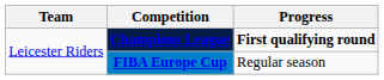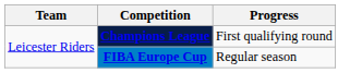 <table class="wikitable sortable">
 <tr>
 <th>Team</th>
 <th>Competition</th>
 <th>Progress</th>
 </tr>
 <tr>
 <td rowspan=2><a href='#'>Leicester Riders</a></td>
 <td style="background-color:#071D49;color:#D0D3D4;text-align:center"><strong><a href='#'><span>Champions League</span></a></strong></td>
-<td><strong>First qualifying round</strong></td>
+<td>First qualifying round</td>
 </tr>
 <tr>
 <td style="background-color:#0080C8;color:white;text-align:center"><strong><a href='#'><span>FIBA Europe Cup</span></a></strong></td>
 <td>Regular season</td>
 </tr>
 </table>
